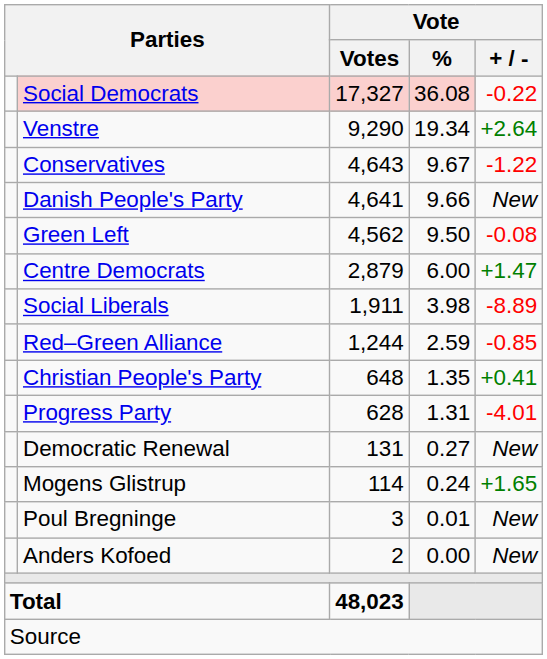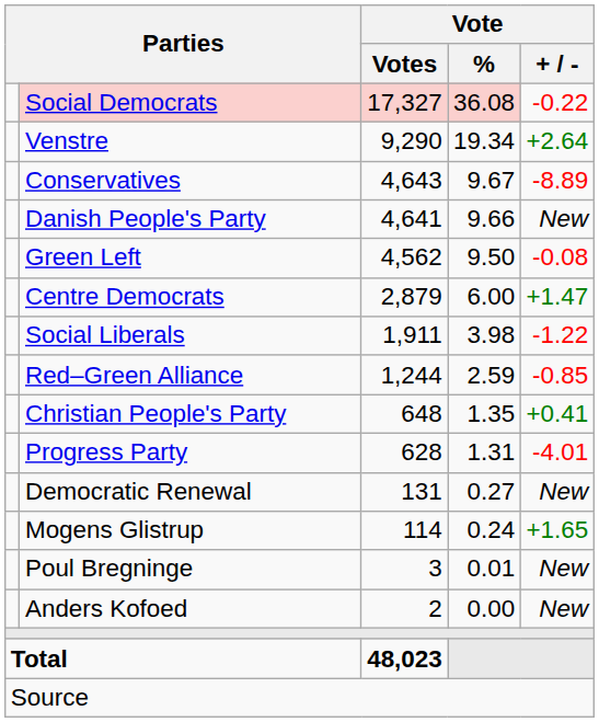 <table class="wikitable" style="text-align:right;">
 <tr>
 <th style="text-align:centre;" rowspan="2" colspan="2" width="225">Parties</th>
 <th colspan="3">Vote</th>
 </tr>
 <tr>
 <th width="15">Votes</th>
 <th width="15">%</th>
 <th width="15">+ / -</th>
 </tr>
 <tr>
 <td width="2" style="color:inherit;background:"></td>
 <td bgcolor=#fbd0ce  align="left"><a href='#'>Social Democrats</a></td>
 <td bgcolor=#fbd0ce>17,327</td>
 <td bgcolor=#fbd0ce>36.08</td>
 <td style=color:red;>-0.22</td>
 </tr>
 <tr>
 <td width="2" style="color:inherit;background:"></td>
 <td align="left"><a href='#'>Venstre</a></td>
 <td>9,290</td>
 <td>19.34</td>
 <td style=color:green;>+2.64</td>
 </tr>
 <tr>
 <td width="2" style="color:inherit;background:"></td>
 <td align="left"><a href='#'>Conservatives</a></td>
 <td>4,643</td>
 <td>9.67</td>
-<td style=color:red;>-1.22</td>
+<td style=color:red;>-8.89</td>
 </tr>
 <tr>
 <td width="2" style="color:inherit;background:"></td>
 <td align="left"><a href='#'>Danish People's Party</a></td>
 <td>4,641</td>
 <td>9.66</td>
 <td><em>New</em></td>
 </tr>
 <tr>
 <td width="2" style="color:inherit;background:"></td>
 <td align="left"><a href='#'>Green Left</a></td>
 <td>4,562</td>
 <td>9.50</td>
 <td style=color:red;>-0.08</td>
 </tr>
 <tr>
 <td width="2" style="color:inherit;background:"></td>
 <td align="left"><a href='#'>Centre Democrats</a></td>
 <td>2,879</td>
 <td>6.00</td>
 <td style=color:green;>+1.47</td>
 </tr>
 <tr>
 <td width="2" style="color:inherit;background:"></td>
 <td align="left"><a href='#'>Social Liberals</a></td>
 <td>1,911</td>
 <td>3.98</td>
-<td style=color:red;>-8.89</td>
+<td style=color:red;>-1.22</td>
 </tr>
 <tr>
 <td width="2" style="color:inherit;background:"></td>
 <td align="left"><a href='#'>Red–Green Alliance</a></td>
 <td>1,244</td>
 <td>2.59</td>
 <td style=color:red;>-0.85</td>
 </tr>
 <tr>
 <td width="2" style="color:inherit;background:"></td>
 <td align="left"><a href='#'>Christian People's Party</a></td>
 <td>648</td>
 <td>1.35</td>
 <td style=color:green;>+0.41</td>
 </tr>
 <tr>
 <td width="2" style="color:inherit;background:"></td>
 <td align="left"><a href='#'>Progress Party</a></td>
 <td>628</td>
 <td>1.31</td>
 <td style=color:red;>-4.01</td>
 </tr>
 <tr>
 <td width="2" style="color:inherit;background:"></td>
 <td align="left">Democratic Renewal</td>
 <td>131</td>
 <td>0.27</td>
 <td><em>New</em></td>
 </tr>
 <tr>
 <td width="2" style="color:inherit;background:"></td>
 <td align="left">Mogens Glistrup</td>
 <td>114</td>
 <td>0.24</td>
 <td style=color:green;>+1.65</td>
 </tr>
 <tr>
 <td width="2" style="color:inherit;background:"></td>
 <td align="left">Poul Bregninge</td>
 <td>3</td>
 <td>0.01</td>
 <td><em>New</em></td>
 </tr>
 <tr>
 <td width="2" style="color:inherit;background:"></td>
 <td align="left">Anders Kofoed</td>
 <td>2</td>
 <td>0.00</td>
 <td><em>New</em></td>
 </tr>
 <tr>
 <td colspan="7" bgcolor="#E9E9E9"></td>
 </tr>
 <tr>
 <td align="left" colspan="2"><strong>Total</strong></td>
 <td><strong>48,023</strong></td>
 <td bgcolor="#E9E9E9" colspan="2"></td>
 </tr>
 <tr>
 <td align="left" colspan="6">Source</td>
 </tr>
 </table>
